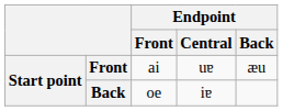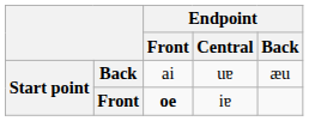 <table class="wikitable" style="text-align: center;">
 <tr>
 <th rowspan="2" colspan="2"></th>
 <th colspan="3">Endpoint</th>
 </tr>
 <tr>
 <th>Front</th>
 <th>Central</th>
 <th>Back</th>
 </tr>
 <tr>
 <th rowspan="2">Start point</th>
-<th>Front</th>
+<th>Back</th>
 <td>ai</td>
 <td>uɐ</td>
 <td>æu</td>
 </tr>
 <tr>
-<th>Back</th>
-<td>oe</td>
+<th>Front</th>
+<td><strong>oe</strong></td>
 <td>iɐ</td>
 <td></td>
 </tr>
 </table>
